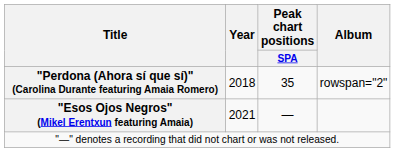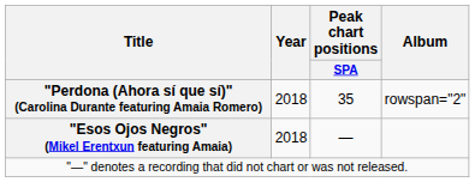 <table class="wikitable plainrowheaders" style="text-align:center;">
 <tr>
 <th scope="col" rowspan="2" style="width:18em;">Title</th>
 <th scope="col" rowspan="2" style="width:1em;">Year</th>
 <th scope="col">Peak chart positions</th>
 <th scope="col" rowspan="2">Album</th>
 </tr>
 <tr>
 <th scope="col" style="width:3em;font-size:85%;"><a href='#'>SPA</a><br></th>
 </tr>
 <tr>
 <th scope="row">"Perdona (Ahora sí que sí)"<br><small>(Carolina Durante featuring Amaia Romero)</small></th>
 <td>2018</td>
 <td>35</td>
 <td>rowspan="2" </td>
 </tr>
 <tr>
 <th scope="row">"Esos Ojos Negros"<br><small>(<a href='#'>Mikel Erentxun</a> featuring Amaia)</small></th>
-<td>2021</td>
+<td>2018</td>
 <td>—</td>
 </tr>
 <tr>
 <td colspan="22" style="text-align:center; font-size:85%;">"—" denotes a recording that did not chart or was not released.</td>
 </tr>
 </table>
